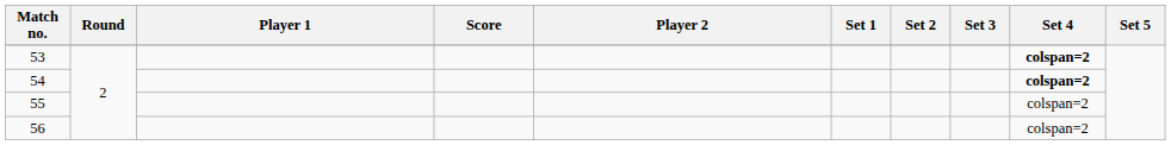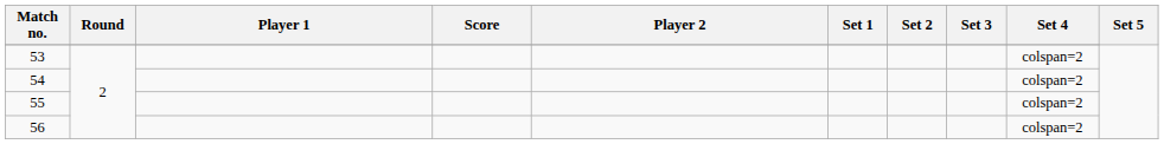 <table class="wikitable" style="text-align: center;">
 <tr>
 <th width="2%">Match no.</th>
 <th width="2%">Round</th>
 <th width="15%">Player 1</th>
 <th width="5%">Score</th>
 <th width="15%">Player 2</th>
 <th width="3%">Set 1</th>
 <th width="3%">Set 2</th>
 <th width="3%">Set 3</th>
 <th width="3%">Set 4</th>
 <th width="3%">Set 5</th>
 </tr>
 <tr>
 </tr>
 <tr style=text-align:center;>
 <td>53</td>
 <td rowspan=4>2</td>
 <td></td>
 <td></td>
 <td></td>
 <td></td>
 <td></td>
 <td></td>
-<td><strong>colspan=2</strong></td>
+<td>colspan=2</td>
 </tr>
 <tr style=text-align:center;>
 <td>54</td>
 <td></td>
 <td></td>
 <td></td>
 <td></td>
 <td></td>
 <td></td>
-<td><strong>colspan=2</strong></td>
+<td>colspan=2</td>
 </tr>
 <tr style=text-align:center;>
 <td>55</td>
 <td></td>
 <td></td>
 <td></td>
 <td></td>
 <td></td>
 <td></td>
 <td>colspan=2</td>
 </tr>
 <tr style=text-align:center;>
 <td>56</td>
 <td></td>
 <td></td>
 <td></td>
 <td></td>
 <td></td>
 <td></td>
 <td>colspan=2</td>
 </tr>
 </table>
